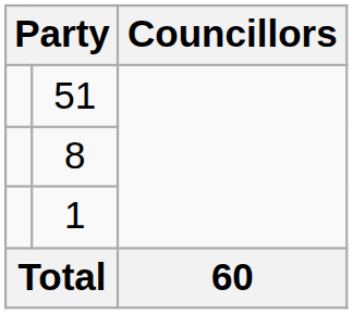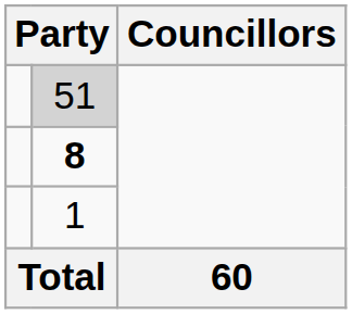 <table class="wikitable">
 <tr>
 <th colspan=2>Party</th>
 <th>Councillors</th>
 </tr>
 <tr>
 <td></td>
-<td align=center>51</td>
+<td align=center style="background: lightgrey;">51</td>
 </tr>
 <tr>
 <td></td>
-<td align=center>8</td>
+<td align=center><strong>8</strong></td>
 </tr>
 <tr>
 <td></td>
 <td align=center>1</td>
 </tr>
 <tr>
 <th colspan=2>Total</th>
 <th align=center>60</th>
 </tr>
 </table>
